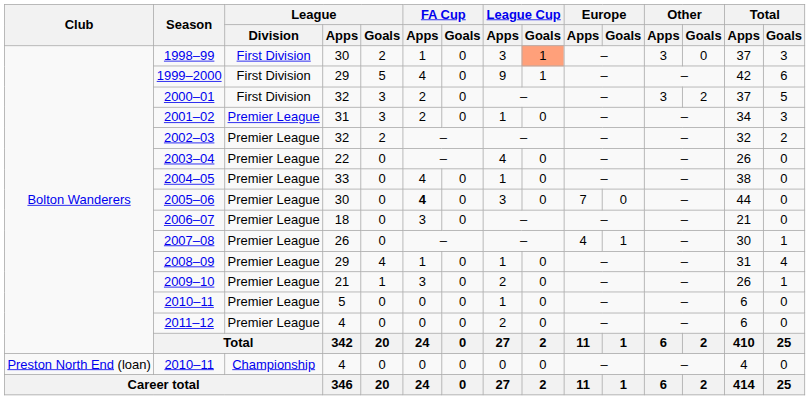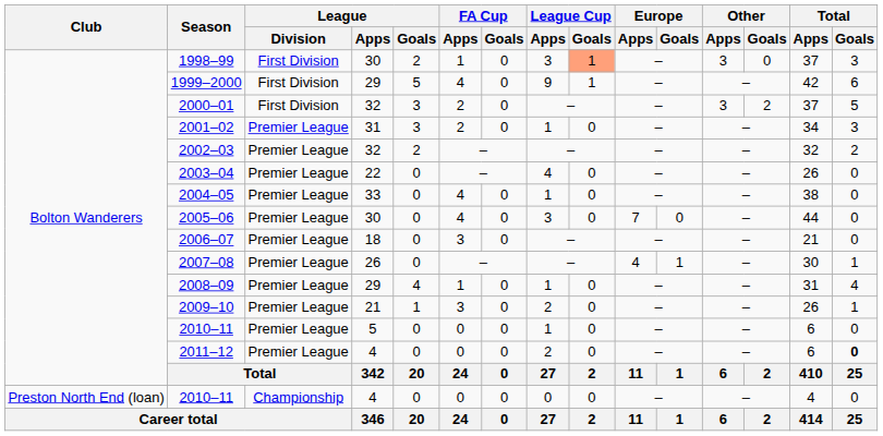 <table class="wikitable" style="text-align:center">
 <tr>
 <th rowspan="2">Club</th>
 <th rowspan="2">Season</th>
 <th colspan="3">League</th>
 <th colspan="2"><a href='#'>FA Cup</a></th>
 <th colspan="2"><a href='#'>League Cup</a></th>
 <th colspan="2">Europe</th>
 <th colspan="2">Other</th>
 <th colspan="2">Total</th>
 </tr>
 <tr>
 <th>Division</th>
 <th>Apps</th>
 <th>Goals</th>
 <th>Apps</th>
 <th>Goals</th>
 <th>Apps</th>
 <th>Goals</th>
 <th>Apps</th>
 <th>Goals</th>
 <th>Apps</th>
 <th>Goals</th>
 <th>Apps</th>
 <th>Goals</th>
 </tr>
 <tr>
 <td rowspan="15"><a href='#'>Bolton Wanderers</a></td>
 <td><a href='#'>1998–99</a></td>
 <td><a href='#'>First Division</a></td>
 <td>30</td>
 <td>2</td>
 <td>1</td>
 <td>0</td>
 <td>3</td>
 <td style="background: lightsalmon;">1</td>
 <td colspan="2">–</td>
 <td>3</td>
 <td>0</td>
 <td>37</td>
 <td>3</td>
 </tr>
 <tr>
 <td><a href='#'>1999–2000</a></td>
 <td>First Division</td>
 <td>29</td>
 <td>5</td>
 <td>4</td>
 <td>0</td>
 <td>9</td>
 <td>1</td>
 <td colspan="2">–</td>
 <td colspan="2">–</td>
 <td>42</td>
 <td>6</td>
 </tr>
 <tr>
 <td><a href='#'>2000–01</a></td>
 <td>First Division</td>
 <td>32</td>
 <td>3</td>
 <td>2</td>
 <td>0</td>
 <td colspan="2">–</td>
 <td colspan="2">–</td>
 <td>3</td>
 <td>2</td>
 <td>37</td>
 <td>5</td>
 </tr>
 <tr>
 <td><a href='#'>2001–02</a></td>
 <td><a href='#'>Premier League</a></td>
 <td>31</td>
 <td>3</td>
 <td>2</td>
 <td>0</td>
 <td>1</td>
 <td>0</td>
 <td colspan="2">–</td>
 <td colspan="2">–</td>
 <td>34</td>
 <td>3</td>
 </tr>
 <tr>
 <td><a href='#'>2002–03</a></td>
 <td>Premier League</td>
 <td>32</td>
 <td>2</td>
 <td colspan="2">–</td>
 <td colspan="2">–</td>
 <td colspan="2">–</td>
 <td colspan="2">–</td>
 <td>32</td>
 <td>2</td>
 </tr>
 <tr>
 <td><a href='#'>2003–04</a></td>
 <td>Premier League</td>
 <td>22</td>
 <td>0</td>
 <td colspan="2">–</td>
 <td>4</td>
 <td>0</td>
 <td colspan="2">–</td>
 <td colspan="2">–</td>
 <td>26</td>
 <td>0</td>
 </tr>
 <tr>
 <td><a href='#'>2004–05</a></td>
 <td>Premier League</td>
 <td>33</td>
 <td>0</td>
 <td>4</td>
 <td>0</td>
 <td>1</td>
 <td>0</td>
 <td colspan="2">–</td>
 <td colspan="2">–</td>
 <td>38</td>
 <td>0</td>
 </tr>
 <tr>
 <td><a href='#'>2005–06</a></td>
 <td>Premier League</td>
 <td>30</td>
 <td>0</td>
-<td><strong>4</strong></td>
+<td>4</td>
 <td>0</td>
 <td>3</td>
 <td>0</td>
 <td>7</td>
 <td>0</td>
 <td colspan="2">–</td>
 <td>44</td>
 <td>0</td>
 </tr>
 <tr>
 <td><a href='#'>2006–07</a></td>
 <td>Premier League</td>
 <td>18</td>
 <td>0</td>
 <td>3</td>
 <td>0</td>
 <td colspan="2">–</td>
 <td colspan="2">–</td>
 <td colspan="2">–</td>
 <td>21</td>
 <td>0</td>
 </tr>
 <tr>
 <td><a href='#'>2007–08</a></td>
 <td>Premier League</td>
 <td>26</td>
 <td>0</td>
 <td colspan="2">–</td>
 <td colspan="2">–</td>
 <td>4</td>
 <td>1</td>
 <td colspan="2">–</td>
 <td>30</td>
 <td>1</td>
 </tr>
 <tr>
 <td><a href='#'>2008–09</a></td>
 <td>Premier League</td>
 <td>29</td>
 <td>4</td>
 <td>1</td>
 <td>0</td>
 <td>1</td>
 <td>0</td>
 <td colspan="2">–</td>
 <td colspan="2">–</td>
 <td>31</td>
 <td>4</td>
 </tr>
 <tr>
 <td><a href='#'>2009–10</a></td>
 <td>Premier League</td>
 <td>21</td>
 <td>1</td>
 <td>3</td>
 <td>0</td>
 <td>2</td>
 <td>0</td>
 <td colspan="2">–</td>
 <td colspan="2">–</td>
 <td>26</td>
 <td>1</td>
 </tr>
 <tr>
 <td><a href='#'>2010–11</a></td>
 <td>Premier League</td>
 <td>5</td>
 <td>0</td>
 <td>0</td>
 <td>0</td>
 <td>1</td>
 <td>0</td>
 <td colspan="2">–</td>
 <td colspan="2">–</td>
 <td>6</td>
 <td>0</td>
 </tr>
 <tr>
 <td><a href='#'>2011–12</a></td>
 <td>Premier League</td>
 <td>4</td>
 <td>0</td>
 <td>0</td>
 <td>0</td>
 <td>2</td>
 <td>0</td>
 <td colspan="2">–</td>
 <td colspan="2">–</td>
 <td>6</td>
-<td>0</td>
+<td><strong>0</strong></td>
 </tr>
 <tr>
 <th colspan="2">Total</th>
 <th>342</th>
 <th>20</th>
 <th>24</th>
 <th>0</th>
 <th>27</th>
 <th>2</th>
 <th>11</th>
 <th>1</th>
 <th>6</th>
 <th>2</th>
 <th>410</th>
 <th>25</th>
 </tr>
 <tr>
 <td><a href='#'>Preston North End</a> (loan)</td>
 <td><a href='#'>2010–11</a></td>
 <td><a href='#'>Championship</a></td>
 <td>4</td>
 <td>0</td>
 <td>0</td>
 <td>0</td>
 <td>0</td>
 <td>0</td>
 <td colspan="2">–</td>
 <td colspan="2">–</td>
 <td>4</td>
 <td>0</td>
 </tr>
 <tr>
 <th colspan="3">Career total</th>
 <th>346</th>
 <th>20</th>
 <th>24</th>
 <th>0</th>
 <th>27</th>
 <th>2</th>
 <th>11</th>
 <th>1</th>
 <th>6</th>
 <th>2</th>
 <th>414</th>
 <th>25</th>
 </tr>
 </table>
